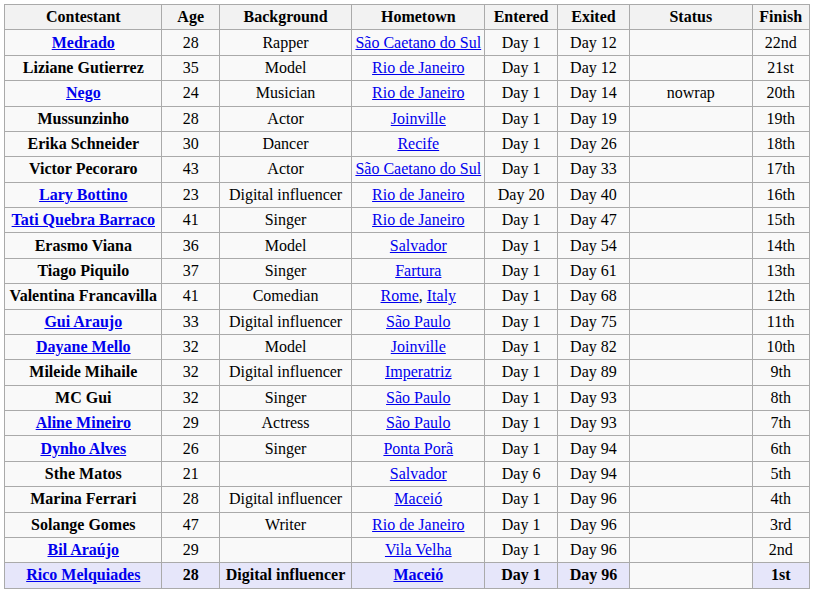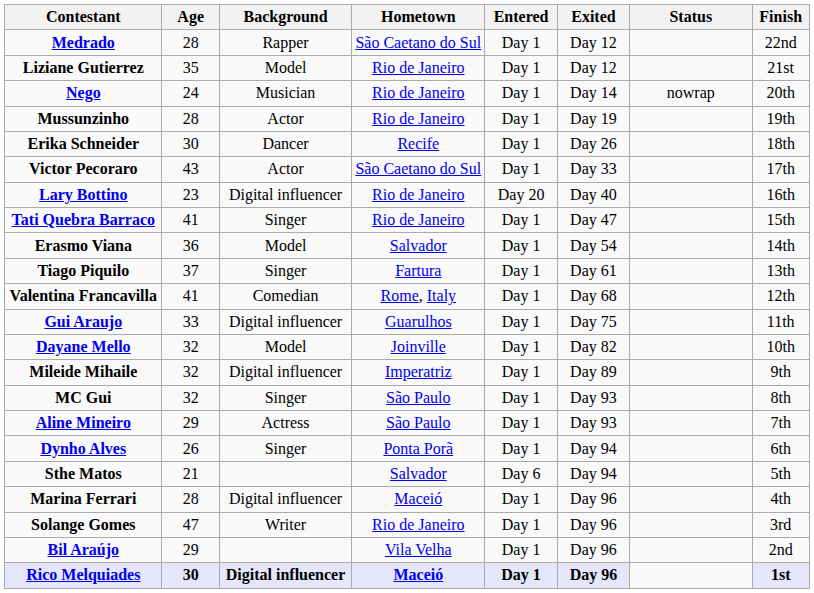 <table class= "wikitable sortable" style="text-align: center; margin:auto; align: center">
 <tr>
 <th width=150>Contestant</th>
 <th width=050>Age</th>
 <th width=125>Background </th>
 <th width=125>Hometown</th>
 <th width=065>Entered</th>
 <th width=065>Exited</th>
 <th width=115>Status</th>
 <th width=050>Finish</th>
 </tr>
 <tr>
 <td><strong><a href='#'>Medrado</a></strong></td>
 <td>28</td>
 <td>Rapper</td>
 <td nowrap><a href='#'>São Caetano do Sul</a></td>
 <td>Day 1</td>
 <td>Day 12</td>
 <td></td>
 <td>22nd</td>
 </tr>
 <tr>
 <td><strong>Liziane Gutierrez</strong></td>
 <td>35</td>
 <td>Model</td>
 <td><a href='#'>Rio de Janeiro</a></td>
 <td>Day 1</td>
 <td>Day 12</td>
 <td></td>
 <td>21st</td>
 </tr>
 <tr>
 <td><strong><a href='#'>Nego </a></strong></td>
 <td>24</td>
 <td>Musician</td>
 <td><a href='#'>Rio de Janeiro</a></td>
 <td>Day 1</td>
 <td>Day 14</td>
 <td>nowrap </td>
 <td>20th</td>
 </tr>
 <tr>
 <td><strong>Mussunzinho</strong></td>
 <td>28</td>
 <td>Actor</td>
-<td><a href='#'>Joinville</a></td>
+<td><a href='#'>Rio de Janeiro</a></td>
 <td>Day 1</td>
 <td>Day 19</td>
 <td></td>
 <td>19th</td>
 </tr>
 <tr>
 <td><strong>Erika Schneider</strong></td>
 <td>30</td>
 <td>Dancer</td>
 <td><a href='#'>Recife</a></td>
 <td>Day 1</td>
 <td>Day 26</td>
 <td></td>
 <td>18th</td>
 </tr>
 <tr>
 <td><strong>Victor Pecoraro</strong></td>
 <td>43</td>
 <td>Actor</td>
 <td nowrap><a href='#'>São Caetano do Sul</a></td>
 <td>Day 1</td>
 <td>Day 33</td>
 <td></td>
 <td>17th</td>
 </tr>
 <tr>
 <td><strong><a href='#'>Lary Bottino</a></strong></td>
 <td>23</td>
 <td>Digital influencer</td>
 <td><a href='#'>Rio de Janeiro</a></td>
 <td>Day 20</td>
 <td>Day 40</td>
 <td></td>
 <td>16th</td>
 </tr>
 <tr>
 <td><strong><a href='#'>Tati Quebra Barraco</a></strong></td>
 <td>41</td>
 <td>Singer</td>
 <td><a href='#'>Rio de Janeiro</a></td>
 <td>Day 1</td>
 <td>Day 47</td>
 <td></td>
 <td>15th</td>
 </tr>
 <tr>
 <td><strong>Erasmo Viana</strong></td>
 <td>36</td>
 <td>Model</td>
 <td><a href='#'>Salvador</a></td>
 <td>Day 1</td>
 <td>Day 54</td>
 <td></td>
 <td>14th</td>
 </tr>
 <tr>
 <td><strong>Tiago Piquilo</strong></td>
 <td>37</td>
 <td>Singer</td>
 <td><a href='#'>Fartura</a></td>
 <td>Day 1</td>
 <td>Day 61</td>
 <td></td>
 <td>13th</td>
 </tr>
 <tr>
 <td nowrap><strong>Valentina Francavilla</strong></td>
 <td>41</td>
 <td>Comedian</td>
 <td><a href='#'>Rome</a>, <a href='#'>Italy</a></td>
 <td>Day 1</td>
 <td>Day 68</td>
 <td></td>
 <td>12th</td>
 </tr>
 <tr>
 <td><strong><a href='#'>Gui Araujo</a></strong></td>
 <td>33</td>
 <td>Digital influencer</td>
-<td><a href='#'>São Paulo</a></td>
+<td><a href='#'>Guarulhos</a></td>
 <td>Day 1</td>
 <td>Day 75</td>
 <td></td>
 <td>11th</td>
 </tr>
 <tr>
 <td><strong><a href='#'>Dayane Mello</a></strong></td>
 <td>32</td>
 <td>Model</td>
 <td><a href='#'>Joinville</a></td>
 <td>Day 1</td>
 <td>Day 82</td>
 <td></td>
 <td>10th</td>
 </tr>
 <tr>
 <td><strong>Mileide Mihaile</strong></td>
 <td>32</td>
 <td>Digital influencer</td>
 <td><a href='#'>Imperatriz</a></td>
 <td>Day 1</td>
 <td>Day 89</td>
 <td></td>
 <td>9th</td>
 </tr>
 <tr>
 <td><strong>MC Gui</strong></td>
 <td>32</td>
 <td>Singer</td>
 <td><a href='#'>São Paulo</a></td>
 <td>Day 1</td>
 <td>Day 93</td>
 <td></td>
 <td>8th</td>
 </tr>
 <tr>
 <td><strong><a href='#'>Aline Mineiro</a></strong></td>
 <td>29</td>
 <td>Actress</td>
 <td><a href='#'>São Paulo</a></td>
 <td>Day 1</td>
 <td>Day 93</td>
 <td></td>
 <td>7th</td>
 </tr>
 <tr>
 <td><strong><a href='#'>Dynho Alves</a></strong></td>
 <td>26</td>
 <td>Singer</td>
 <td><a href='#'>Ponta Porã</a></td>
 <td>Day 1</td>
 <td>Day 94</td>
 <td></td>
 <td>6th</td>
 </tr>
 <tr>
 <td><strong>Sthe Matos</strong></td>
 <td>21</td>
 <td></td>
 <td><a href='#'>Salvador</a></td>
 <td>Day 6</td>
 <td>Day 94</td>
 <td></td>
 <td>5th</td>
 </tr>
 <tr>
 <td><strong>Marina Ferrari</strong></td>
 <td>28</td>
 <td>Digital influencer</td>
 <td><a href='#'>Maceió</a></td>
 <td>Day 1</td>
 <td>Day 96</td>
 <td></td>
 <td>4th</td>
 </tr>
 <tr>
 <td><strong>Solange Gomes</strong></td>
 <td>47</td>
 <td>Writer</td>
 <td><a href='#'>Rio de Janeiro</a></td>
 <td>Day 1</td>
 <td>Day 96</td>
 <td></td>
 <td>3rd</td>
 </tr>
 <tr>
 <td><strong><a href='#'>Bil Araújo</a></strong></td>
 <td>29</td>
 <td></td>
 <td><a href='#'>Vila Velha</a></td>
 <td>Day 1</td>
 <td>Day 96</td>
 <td><br></td>
 <td>2nd</td>
 </tr>
 <tr>
 <td bgcolor="E6E6FA"><strong><a href='#'>Rico Melquiades</a></strong></td>
-<td bgcolor="E6E6FA"><strong>28</strong></td>
+<td bgcolor="E6E6FA"><strong>30</strong></td>
 <td bgcolor="E6E6FA"><strong>Digital influencer</strong></td>
 <td bgcolor="E6E6FA"><strong><a href='#'>Maceió</a></strong></td>
 <td bgcolor="E6E6FA"><strong>Day 1</strong></td>
 <td bgcolor="E6E6FA"><strong>Day 96</strong></td>
 <td></td>
 <td bgcolor="E6E6FA"><strong>1st</strong></td>
 </tr>
 </table>
